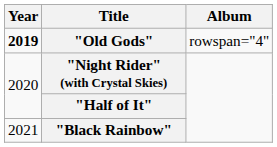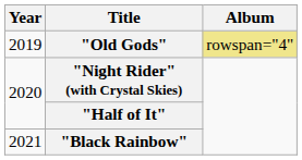 <table class="wikitable plainrowheaders" style="text-align:center;">
 <tr>
 <th scope="col">Year</th>
 <th scope="col" style="width:9em;">Title</th>
 <th scope="col">Album</th>
 </tr>
 <tr>
-<td><strong>2019</strong></td>
+<td>2019</td>
 <th scope="row">"Old Gods"</th>
-<td>rowspan="4" </td>
+<td style="background: khaki;">rowspan="4" </td>
 </tr>
 <tr>
 <td rowspan="2">2020</td>
 <th scope="row">"Night Rider" <br><small>(with Crystal Skies)</small></th>
 </tr>
 <tr>
 <th scope="row">"Half of It"</th>
 </tr>
 <tr>
 <td>2021</td>
 <th scope="row">"Black Rainbow"</th>
 </tr>
 </table>
